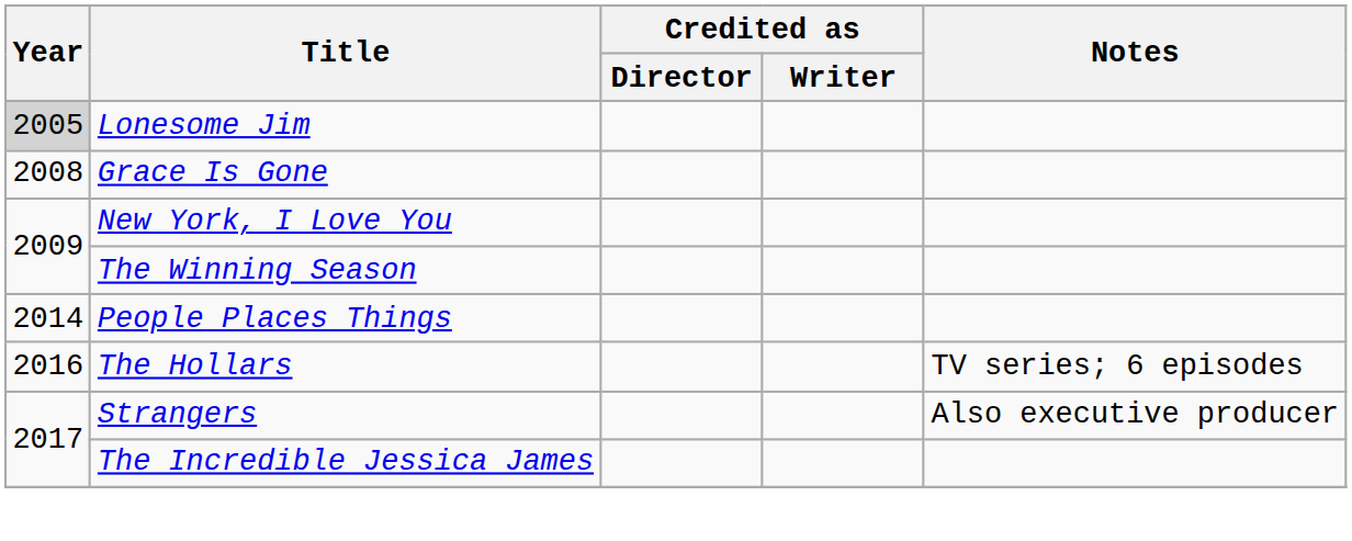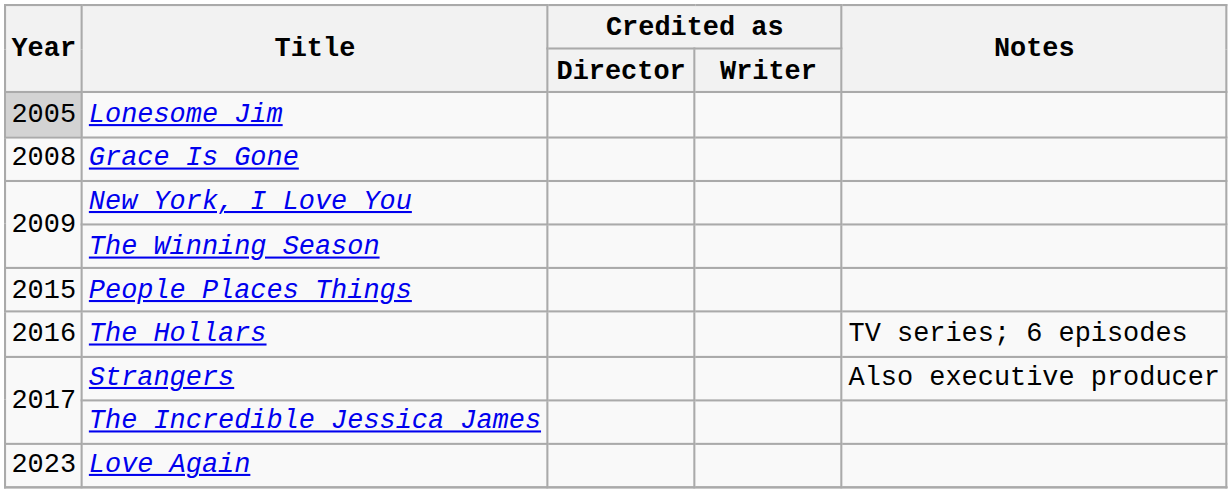 <table class="wikitable">
 <tr>
 <th rowspan="2">Year</th>
 <th rowspan="2">Title</th>
 <th colspan="2">Credited as</th>
 <th rowspan="2'">Notes</th>
 </tr>
 <tr>
 <th width=65>Director</th>
 <th width=65>Writer</th>
 </tr>
 <tr>
 <td style="background: lightgrey;">2005</td>
 <td><em><a href='#'>Lonesome Jim</a></em></td>
 <td></td>
 <td></td>
 <td></td>
 </tr>
 <tr>
 <td>2008</td>
 <td><em><a href='#'>Grace Is Gone</a></em></td>
 <td></td>
 <td></td>
 <td></td>
 </tr>
 <tr>
 <td rowspan=2>2009</td>
 <td><em><a href='#'>New York, I Love You</a></em></td>
 <td></td>
 <td></td>
 <td></td>
 </tr>
 <tr>
 <td><em><a href='#'>The Winning Season</a></em></td>
 <td></td>
 <td></td>
 <td></td>
 </tr>
 <tr>
-<td>2014</td>
+<td>2015</td>
 <td><em><a href='#'>People Places Things</a></em></td>
 <td></td>
 <td></td>
 <td></td>
 </tr>
 <tr>
 <td>2016</td>
 <td><em><a href='#'>The Hollars</a></em></td>
 <td></td>
 <td></td>
 <td>TV series; 6 episodes</td>
 </tr>
 <tr>
 <td rowspan=2>2017</td>
 <td><em><a href='#'>Strangers</a></em></td>
 <td></td>
 <td></td>
 <td>Also executive producer</td>
 </tr>
 <tr>
 <td><em><a href='#'>The Incredible Jessica James</a></em></td>
 <td></td>
 <td></td>
 <td></td>
 </tr>
 <tr>
+<td>2023</td>
+<td><em><a href='#'>Love Again</a></em></td>
+<td></td>
+<td></td>
+<td></td>
+</tr>
+<tr>
 </tr>
 </table>
